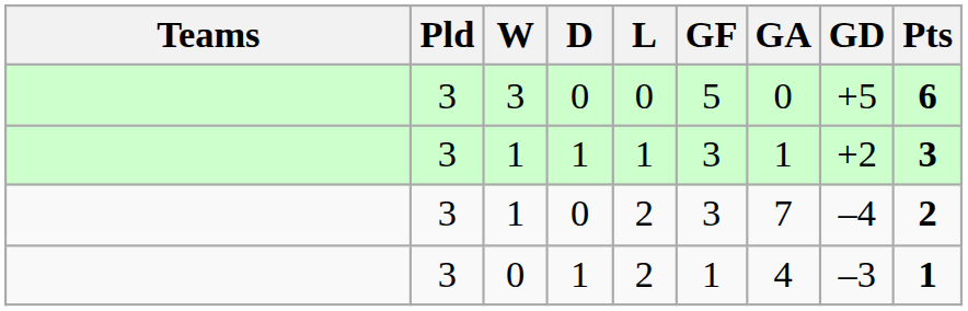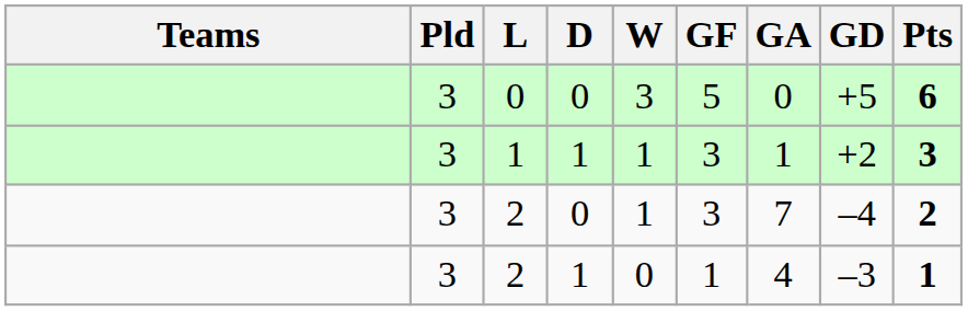 <table class="wikitable" style="text-align: center;">
 <tr>
 <th width=165>Teams</th>
 <th width=20>Pld</th>
+<th width=20>L</th>
+<th width=20>D</th>
 <th width=20>W</th>
-<th width=20>D</th>
-<th width=20>L</th>
 <th width=20>GF</th>
 <th width=20>GA</th>
 <th width=20>GD</th>
 <th width=20>Pts</th>
 </tr>
 <tr align=center style="background:#ccffcc;">
 <td style="text-align:left;"></td>
 <td>3</td>
-<td>3</td>
 <td>0</td>
 <td>0</td>
+<td>3</td>
 <td>5</td>
 <td>0</td>
 <td>+5</td>
 <td><strong>6</strong></td>
 </tr>
 <tr align=center style="background:#ccffcc;">
 <td style="text-align:left;"></td>
 <td>3</td>
 <td>1</td>
 <td>1</td>
 <td>1</td>
 <td>3</td>
 <td>1</td>
 <td>+2</td>
 <td><strong>3</strong></td>
 </tr>
 <tr align=center>
 <td style="text-align:left;"></td>
 <td>3</td>
+<td>2</td>
+<td>0</td>
 <td>1</td>
-<td>0</td>
-<td>2</td>
 <td>3</td>
 <td>7</td>
 <td>–4</td>
 <td><strong>2</strong></td>
 </tr>
 <tr align=center>
 <td style="text-align:left;"></td>
 <td>3</td>
+<td>2</td>
+<td>1</td>
 <td>0</td>
-<td>1</td>
-<td>2</td>
 <td>1</td>
 <td>4</td>
 <td>–3</td>
 <td><strong>1</strong></td>
 </tr>
 </table>
